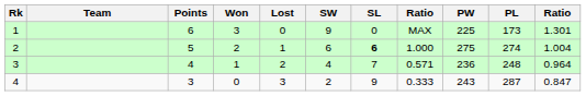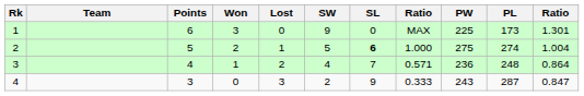 <table class=wikitable style=text-align:center>
 <tr style="background: #DCDCDC">
 <th width=25>Rk</th>
 <th width=200>Team</th>
 <th width=60>Points</th>
 <th width=60>Won</th>
 <th width=60>Lost</th>
 <th width=60>SW</th>
 <th width=60>SL</th>
 <th width=60>Ratio</th>
 <th width=60>PW</th>
 <th width=60>PL</th>
 <th width=60>Ratio</th>
 </tr>
 <tr style="background: #CCFFCC">
 <td>1</td>
 <td align=left></td>
 <td>6</td>
 <td>3</td>
 <td>0</td>
 <td>9</td>
 <td>0</td>
 <td>MAX</td>
 <td>225</td>
 <td>173</td>
 <td>1.301</td>
 </tr>
 <tr style="background: #CCFFCC">
 <td>2</td>
 <td align=left></td>
 <td>5</td>
 <td>2</td>
 <td>1</td>
-<td>6</td>
+<td>5</td>
 <td><strong>6</strong></td>
 <td>1.000</td>
 <td>275</td>
 <td>274</td>
 <td>1.004</td>
 </tr>
 <tr style="background: #CCFFCC">
 <td>3</td>
 <td align=left></td>
 <td>4</td>
 <td>1</td>
 <td>2</td>
 <td>4</td>
 <td>7</td>
 <td>0.571</td>
 <td>236</td>
 <td>248</td>
-<td>0.964</td>
+<td>0.864</td>
 </tr>
 <tr>
 <td>4</td>
 <td align=left></td>
 <td>3</td>
 <td>0</td>
 <td>3</td>
 <td>2</td>
 <td>9</td>
 <td>0.333</td>
 <td>243</td>
 <td>287</td>
 <td>0.847</td>
 </tr>
 </table>
